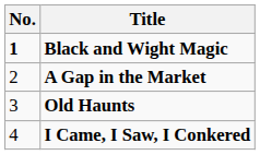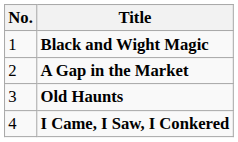 <table class="wikitable">
 <tr>
 <th>No.</th>
 <th>Title</th>
 </tr>
 <tr>
-<td><strong>1</strong></td>
+<td>1</td>
 <td><strong>Black and Wight Magic</strong></td>
 </tr>
 <tr>
 <td>2</td>
 <td><strong>A Gap in the Market</strong></td>
 </tr>
 <tr>
 <td>3</td>
 <td><strong>Old Haunts</strong></td>
 </tr>
 <tr>
 <td>4</td>
 <td><strong>I Came, I Saw, I Conkered</strong></td>
 </tr>
 </table>
